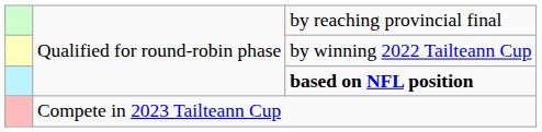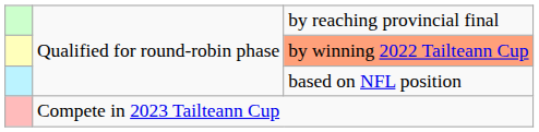 <table class="wikitable" align="right">
 <tr>
 <td style="background:#cfc;">    </td>
 <td rowspan="3">Qualified for round-robin phase</td>
 <td>by reaching provincial final</td>
 </tr>
 <tr>
 <td style="background:#FFFFBB">    </td>
-<td>by winning <a href='#'>2022 Tailteann Cup</a></td>
+<td style="background: lightsalmon;">by winning <a href='#'>2022 Tailteann Cup</a></td>
 </tr>
 <tr>
 <td style="background:#BBF3FF">    </td>
-<td><strong>based on <a href='#'>NFL</a> position</strong></td>
+<td>based on <a href='#'>NFL</a> position</td>
 </tr>
 <tr>
 <td style="background:#FFBBBB">    </td>
 <td colspan="2">Compete in <a href='#'>2023 Tailteann Cup</a></td>
 </tr>
 </table>
